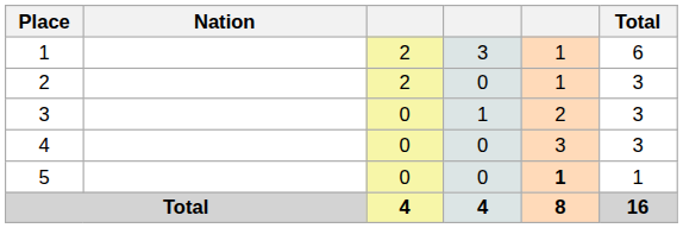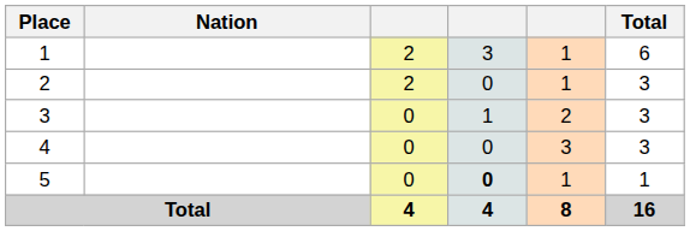 <table class=wikitable style="border:1px solid #AAAAAA;font-size:90%">
 <tr bgcolor="#EFEFEF">
 <th width=50>Place</th>
 <th width=200>Nation</th>
 <th width=50></th>
 <th width=50></th>
 <th width=50></th>
 <th width=50>Total</th>
 </tr>
 <tr align="center" valign="top" bgcolor="#FFFFFF">
 <td>1</td>
 <td align="left"></td>
 <td style="background:#F7F6A8;">2</td>
 <td style="background:#DCE5E5;">3</td>
 <td style="background:#FFDAB9;">1</td>
 <td>6</td>
 </tr>
 <tr align="center" valign="top" bgcolor="#FFFFFF">
 <td>2</td>
 <td align="left"></td>
 <td style="background:#F7F6A8;">2</td>
 <td style="background:#DCE5E5;">0</td>
 <td style="background:#FFDAB9;">1</td>
 <td>3</td>
 </tr>
 <tr align="center" valign="top" bgcolor="#FFFFFF">
 <td>3</td>
 <td align="left"></td>
 <td style="background:#F7F6A8;">0</td>
 <td style="background:#DCE5E5;">1</td>
 <td style="background:#FFDAB9;">2</td>
 <td>3</td>
 </tr>
 <tr align="center" valign="top" bgcolor="#FFFFFF">
 <td>4</td>
 <td align="left"></td>
 <td style="background:#F7F6A8;">0</td>
 <td style="background:#DCE5E5;">0</td>
 <td style="background:#FFDAB9;">3</td>
 <td>3</td>
 </tr>
 <tr align="center" valign="top" bgcolor="#FFFFFF">
 <td>5</td>
 <td align="left"></td>
 <td style="background:#F7F6A8;">0</td>
-<td style="background:#DCE5E5;">0</td>
-<td style="background:#FFDAB9;"><strong>1</strong></td>
+<td style="background:#DCE5E5;"><strong>0</strong></td>
+<td style="background:#FFDAB9;">1</td>
 <td>1</td>
 </tr>
 <tr align="center">
 <td colspan="2" bgcolor=D3D3D3><strong>Total</strong></td>
 <td style="background:#F7F6A8;"><strong>4</strong></td>
 <td style="background:#DCE5E5;"><strong>4</strong></td>
 <td style="background:#FFDAB9;"><strong>8</strong></td>
 <td bgcolor=D3D3D3><strong>16</strong></td>
 </tr>
 </table>
